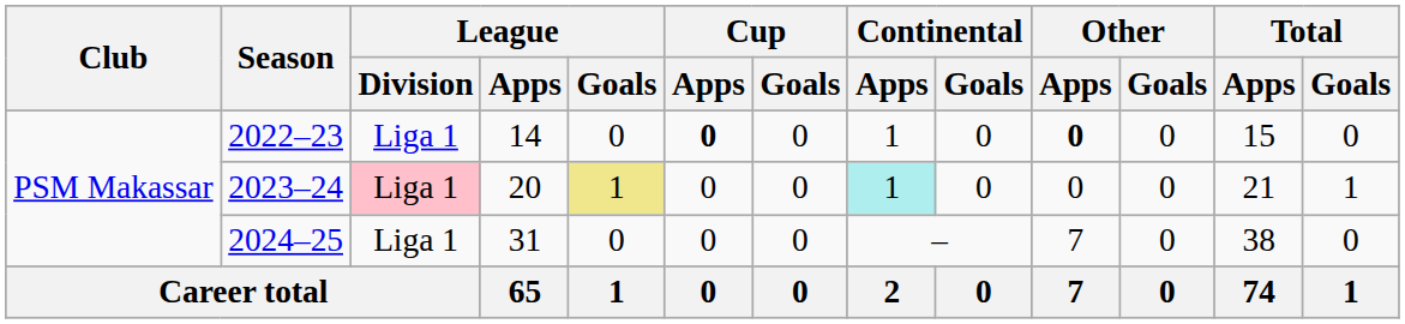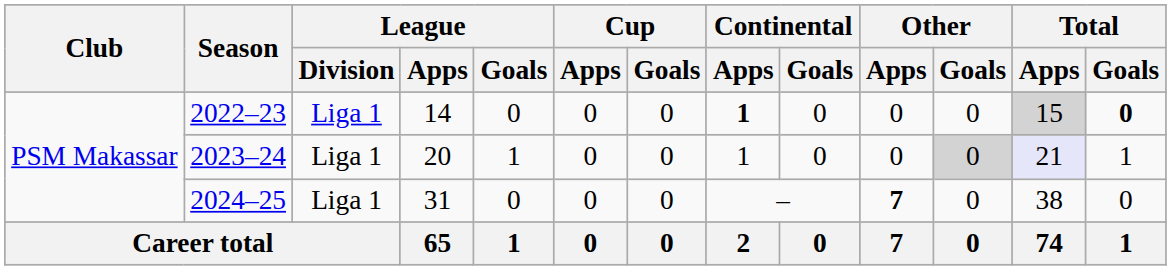 <table class="wikitable" style="text-align: center">
 <tr>
 <th rowspan="2">Club</th>
 <th rowspan="2">Season</th>
 <th colspan="3">League</th>
 <th colspan="2">Cup</th>
 <th colspan="2">Continental</th>
 <th colspan="2">Other</th>
 <th colspan="2">Total</th>
 </tr>
 <tr>
 <th>Division</th>
 <th>Apps</th>
 <th>Goals</th>
 <th>Apps</th>
 <th>Goals</th>
 <th>Apps</th>
 <th>Goals</th>
 <th>Apps</th>
 <th>Goals</th>
 <th>Apps</th>
 <th>Goals</th>
 </tr>
 <tr>
 <td rowspan="3"><a href='#'>PSM Makassar</a></td>
 <td><a href='#'>2022–23</a></td>
 <td rowspan="1" valign="center"><a href='#'>Liga 1</a></td>
 <td>14</td>
 <td>0</td>
+<td>0</td>
+<td>0</td>
+<td><strong>1</strong></td>
+<td>0</td>
+<td>0</td>
+<td>0</td>
+<td style="background: lightgrey;">15</td>
 <td><strong>0</strong></td>
+</tr>
+<tr>
+<td><a href='#'>2023–24</a></td>
+<td>Liga 1</td>
+<td>20</td>
+<td>1</td>
+<td>0</td>
 <td>0</td>
 <td>1</td>
 <td>0</td>
-<td><strong>0</strong></td>
 <td>0</td>
-<td>15</td>
-<td>0</td>
-</tr>
-<tr>
-<td><a href='#'>2023–24</a></td>
-<td style="background: pink;">Liga 1</td>
-<td>20</td>
-<td style="background: khaki;">1</td>
-<td>0</td>
-<td>0</td>
-<td style="background: paleturquoise;">1</td>
-<td>0</td>
-<td>0</td>
-<td>0</td>
-<td>21</td>
+<td style="background: lightgrey;">0</td>
+<td style="background: lavender;">21</td>
 <td>1</td>
 </tr>
 <tr>
 <td><a href='#'>2024–25</a></td>
 <td>Liga 1</td>
 <td>31</td>
 <td>0</td>
 <td>0</td>
 <td>0</td>
 <td colspan="2">–</td>
-<td>7</td>
+<td><strong>7</strong></td>
 <td>0</td>
 <td>38</td>
 <td>0</td>
 </tr>
 <tr>
 <th colspan=3>Career total</th>
 <th>65</th>
 <th>1</th>
 <th>0</th>
 <th>0</th>
 <th>2</th>
 <th>0</th>
 <th>7</th>
 <th>0</th>
 <th>74</th>
 <th>1</th>
 </tr>
 </table>
